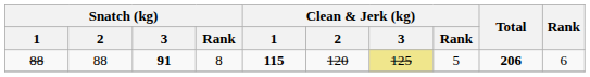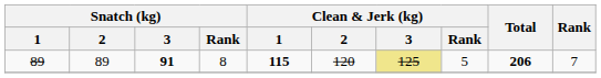 <table class="wikitable" style="text-align:center;">
 <tr>
 <th colspan=4>Snatch (kg)</th>
 <th colspan=4>Clean & Jerk (kg)</th>
 <th rowspan=2 width=65>Total</th>
 <th rowspan=2 width=40>Rank</th>
 </tr>
 <tr>
 <th width=65>1</th>
 <th width=65>2</th>
 <th width=65>3</th>
 <th width=45>Rank</th>
 <th width=65>1</th>
 <th width=65>2</th>
 <th width=65>3</th>
 <th width=45>Rank</th>
 </tr>
 <tr>
-<td><s>88</s></td>
-<td>88</td>
+<td><s>89</s></td>
+<td>89</td>
 <td><strong>91</strong></td>
 <td>8</td>
 <td><strong>115</strong></td>
 <td><s>120</s></td>
 <td style="background: khaki;"><s>125</s></td>
 <td>5</td>
 <td><strong>206</strong></td>
-<td>6</td>
+<td>7</td>
 </tr>
 <tr>
 </tr>
 </table>
